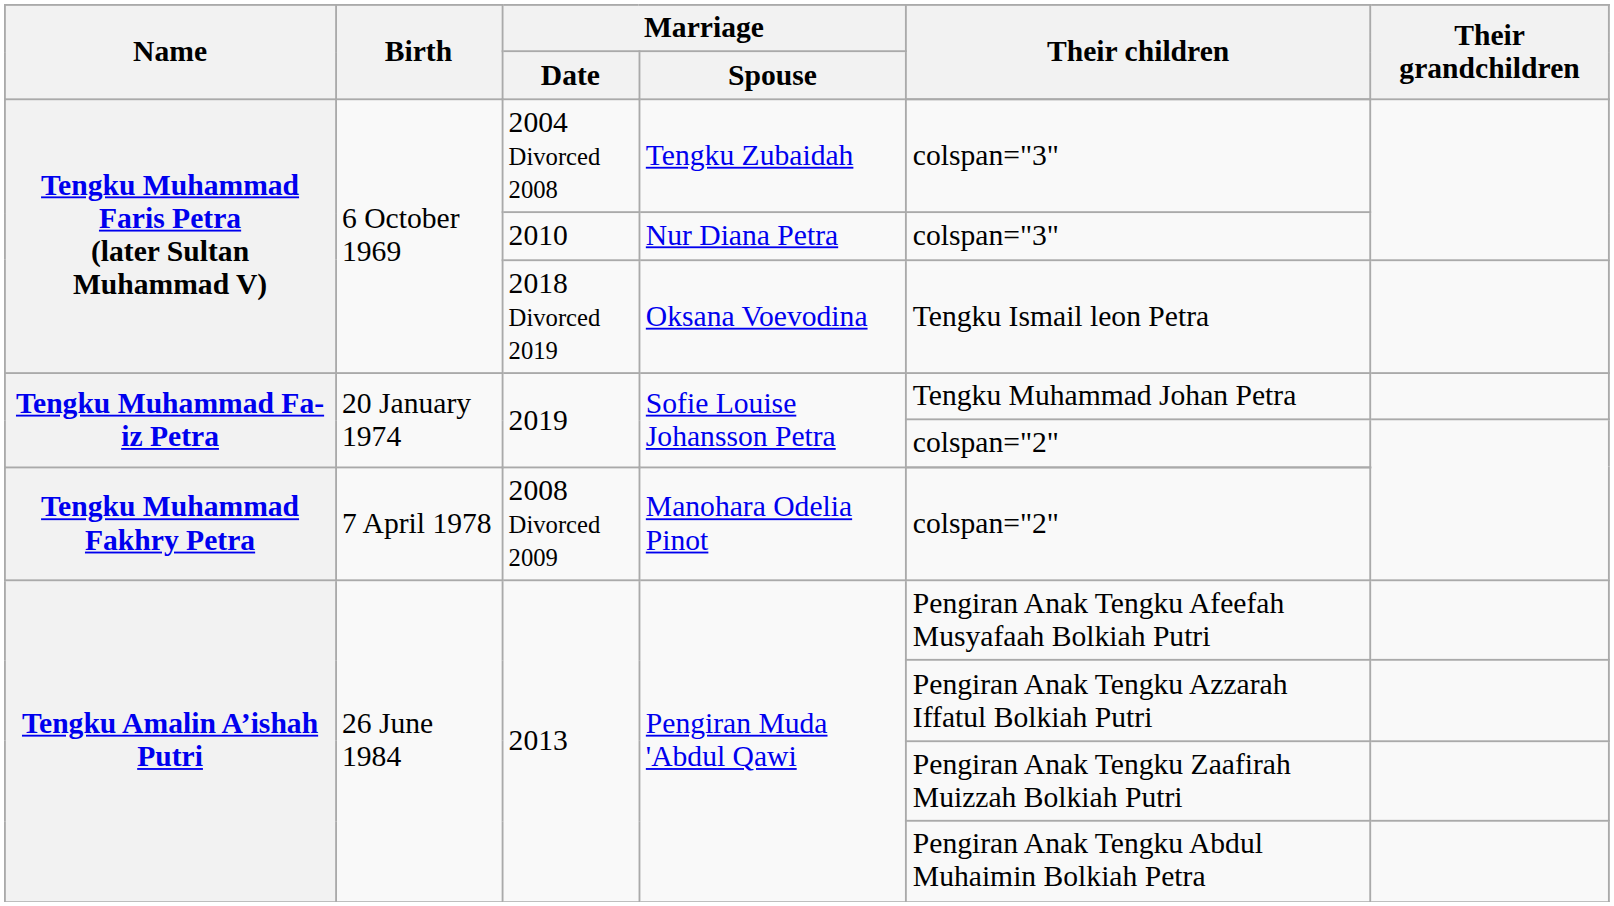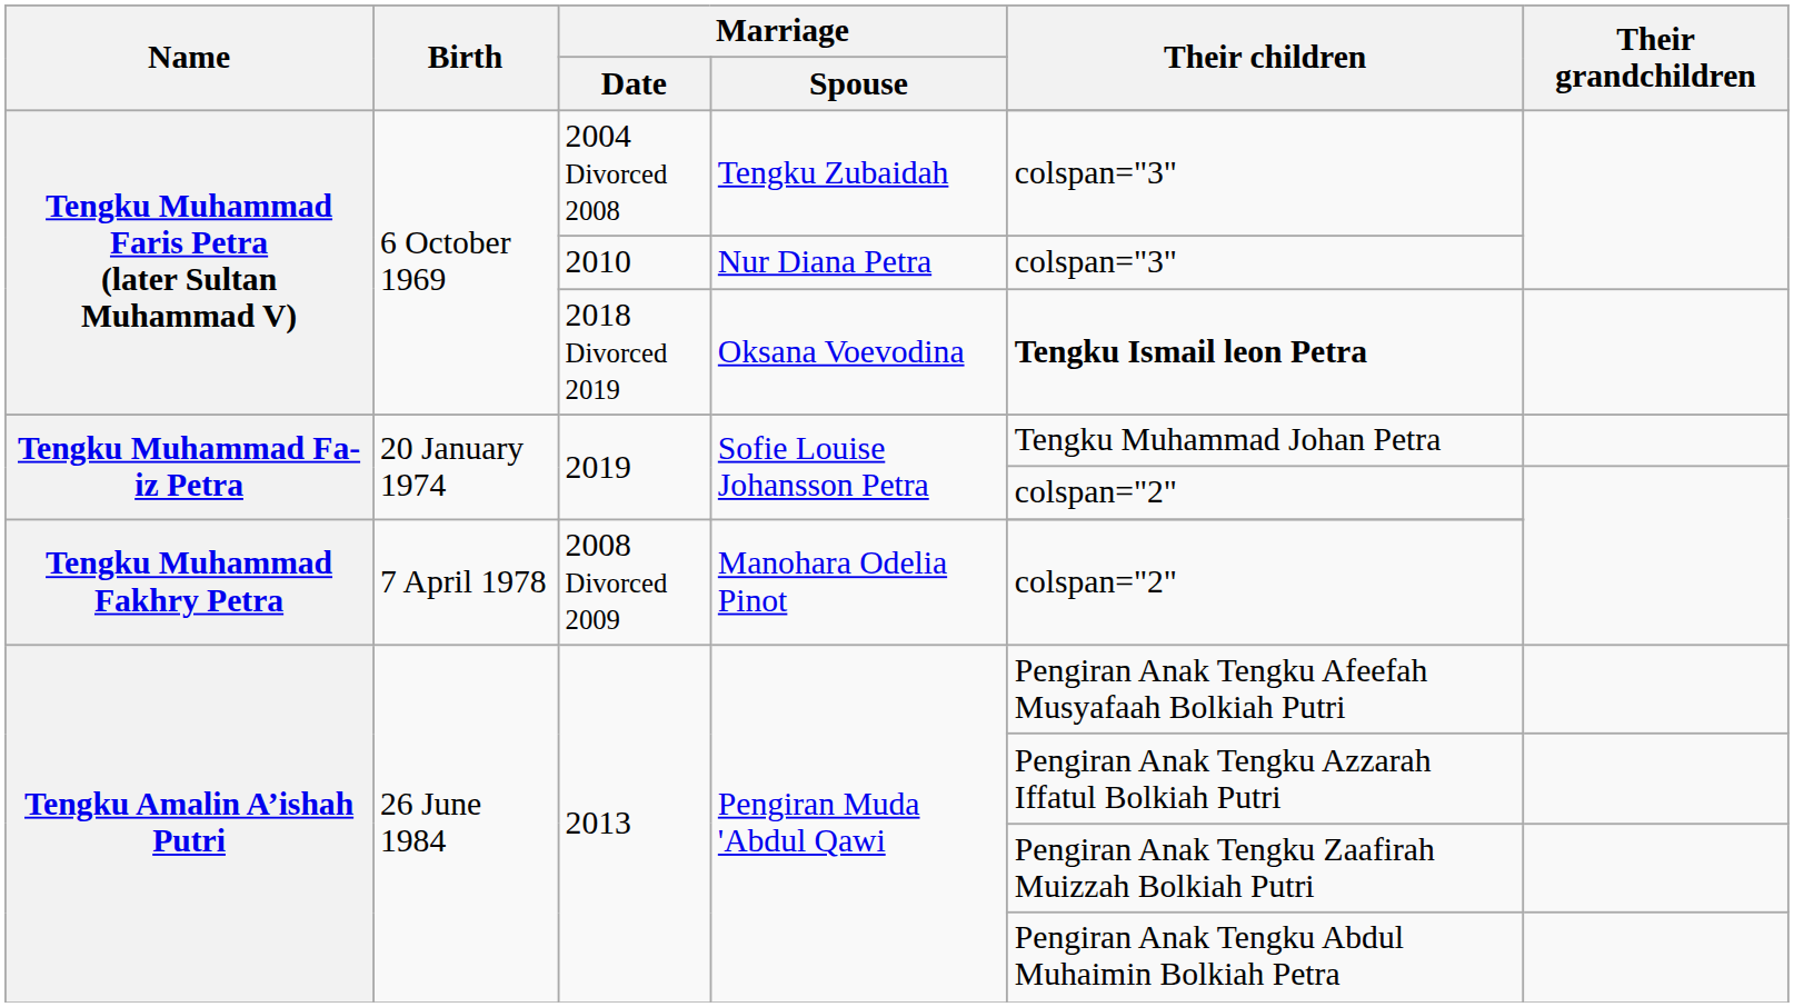 <table class="wikitable plainrowheaders">
 <tr>
 <th rowspan="2" scope="col">Name</th>
 <th rowspan="2" scope="col">Birth</th>
 <th colspan="2" scope="col">Marriage</th>
 <th rowspan="2" scope="col">Their children</th>
 <th rowspan="2" scope="col">Their grandchildren</th>
 </tr>
 <tr>
 <th scope="col">Date</th>
 <th scope="col">Spouse</th>
 </tr>
 <tr>
 <th rowspan="4" scope="row"><strong><a href='#'>Tengku Muhammad Faris Petra</a></strong><br>(later Sultan Muhammad V)</th>
 <td rowspan="4">6 October 1969</td>
 <td rowspan="2">2004<br><small>Divorced 2008</small></td>
 <td rowspan="2"><a href='#'>Tengku Zubaidah</a></td>
 </tr>
 <tr>
 <td>colspan="3" </td>
 </tr>
 <tr>
 <td>2010</td>
 <td><a href='#'>Nur Diana Petra</a></td>
 <td>colspan="3" </td>
 </tr>
 <tr>
 <td>2018<br><small>Divorced 2019</small></td>
 <td><a href='#'>Oksana Voevodina</a></td>
-<td>Tengku Ismail leon Petra</td>
+<td><strong>Tengku Ismail leon Petra</strong></td>
 <td></td>
 </tr>
 <tr>
 <th rowspan="2" scope="row"><strong><a href='#'>Tengku Muhammad Fa-iz Petra</a></strong></th>
 <td rowspan="2">20 January 1974</td>
 <td rowspan="2">2019</td>
 <td rowspan="2"><a href='#'>Sofie Louise Johansson Petra</a></td>
 <td>Tengku Muhammad Johan Petra</td>
 <td></td>
 </tr>
 <tr>
 <td>colspan="2" </td>
 </tr>
 <tr>
 <th rowspan="2" scope="row"><strong><a href='#'>Tengku Muhammad Fakhry Petra</a></strong></th>
 <td rowspan="2">7 April 1978</td>
 <td rowspan="2">2008<br><small>Divorced 2009</small></td>
 <td rowspan="2"><a href='#'>Manohara Odelia Pinot</a></td>
 </tr>
 <tr>
 <td>colspan="2" </td>
 </tr>
 <tr>
 <th rowspan="4" scope="row"><strong><a href='#'>Tengku Amalin A’ishah Putri</a></strong></th>
 <td rowspan="4">26 June 1984</td>
 <td rowspan="4">2013</td>
 <td rowspan="4"><a href='#'>Pengiran Muda 'Abdul Qawi</a></td>
 <td>Pengiran Anak Tengku Afeefah Musyafaah Bolkiah Putri</td>
 <td></td>
 </tr>
 <tr>
 <td>Pengiran Anak Tengku Azzarah Iffatul Bolkiah Putri</td>
 <td></td>
 </tr>
 <tr>
 <td>Pengiran Anak Tengku Zaafirah Muizzah Bolkiah Putri</td>
 <td></td>
 </tr>
 <tr>
 <td>Pengiran Anak Tengku Abdul Muhaimin Bolkiah Petra</td>
 <td></td>
 </tr>
 </table>
